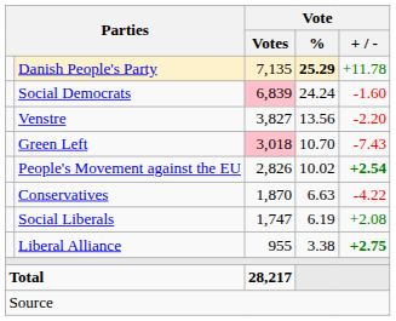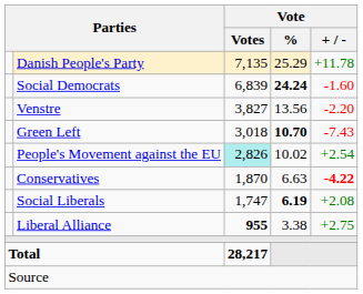 <table class="wikitable" style="text-align:right;">
 <tr>
 <th style="text-align:centre;" rowspan="2" colspan="2" width="225">Parties</th>
 <th colspan="3">Vote</th>
 </tr>
 <tr>
 <th width="15">Votes</th>
 <th width="15">%</th>
 <th width="15">+ / -</th>
 </tr>
 <tr>
 <td width="2" style="color:inherit;background:"></td>
 <td bgcolor=#fef2cc   align="left"><a href='#'>Danish People's Party</a></td>
 <td bgcolor=#fef2cc>7,135</td>
-<td bgcolor=#fef2cc><strong>25.29</strong></td>
+<td bgcolor=#fef2cc>25.29</td>
 <td style=color:green;>+11.78</td>
 </tr>
 <tr>
 <td width="2" style="color:inherit;background:"></td>
 <td align="left"><a href='#'>Social Democrats</a></td>
-<td style="background: pink;">6,839</td>
-<td>24.24</td>
+<td>6,839</td>
+<td><strong>24.24</strong></td>
 <td style=color:red;>-1.60</td>
 </tr>
 <tr>
 <td width="2" style="color:inherit;background:"></td>
 <td align="left"><a href='#'>Venstre</a></td>
 <td>3,827</td>
 <td>13.56</td>
 <td style=color:red;>-2.20</td>
 </tr>
 <tr>
 <td width="2" style="color:inherit;background:"></td>
 <td align="left"><a href='#'>Green Left</a></td>
-<td style="background: pink;">3,018</td>
-<td>10.70</td>
+<td>3,018</td>
+<td><strong>10.70</strong></td>
 <td style=color:red;>-7.43</td>
 </tr>
 <tr>
 <td width="2" style="color:inherit;background:"></td>
 <td align="left"><a href='#'>People's Movement against the EU</a></td>
-<td>2,826</td>
+<td style="background: paleturquoise;">2,826</td>
 <td>10.02</td>
-<td style=color:green;><strong>+2.54</strong></td>
+<td style=color:green;>+2.54</td>
 </tr>
 <tr>
 <td width="2" style="color:inherit;background:"></td>
 <td align="left"><a href='#'>Conservatives</a></td>
 <td>1,870</td>
 <td>6.63</td>
-<td style=color:red;>-4.22</td>
+<td style=color:red;><strong>-4.22</strong></td>
 </tr>
 <tr>
 <td width="2" style="color:inherit;background:"></td>
 <td align="left"><a href='#'>Social Liberals</a></td>
 <td>1,747</td>
-<td>6.19</td>
+<td><strong>6.19</strong></td>
 <td style=color:green;>+2.08</td>
 </tr>
 <tr>
 <td width="2" style="color:inherit;background:"></td>
 <td align="left"><a href='#'>Liberal Alliance</a></td>
-<td>955</td>
+<td><strong>955</strong></td>
 <td>3.38</td>
-<td style=color:green;><strong>+2.75</strong></td>
+<td style=color:green;>+2.75</td>
 </tr>
 <tr>
 <td colspan="7" bgcolor="#E9E9E9"></td>
 </tr>
 <tr>
 <td align="left" colspan="2"><strong>Total</strong></td>
 <td><strong>28,217</strong></td>
 <td bgcolor="#E9E9E9" colspan="2"></td>
 </tr>
 <tr>
 <td align="left" colspan="6">Source</td>
 </tr>
 </table>
